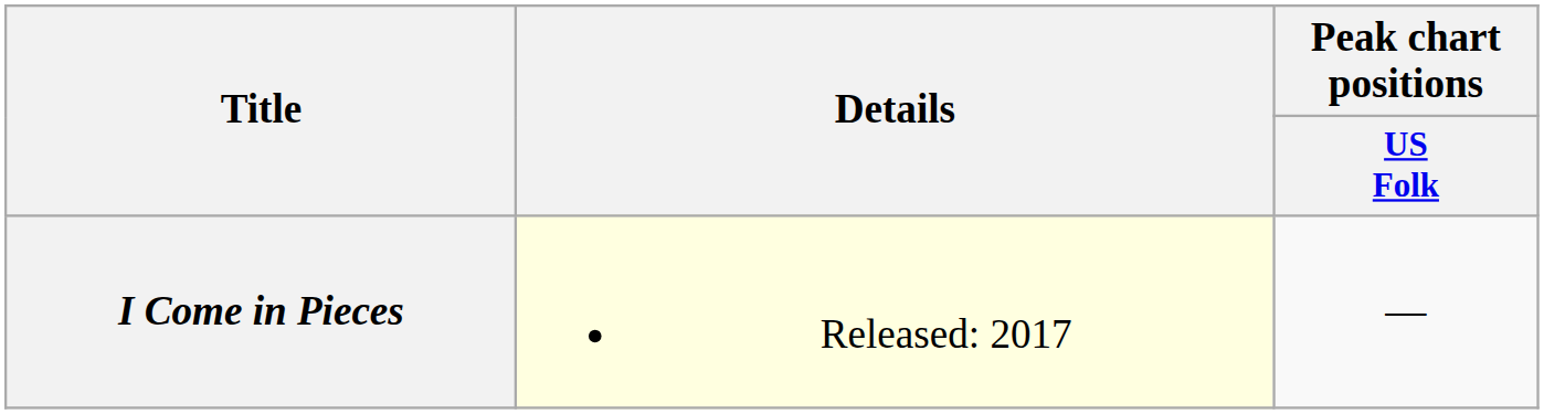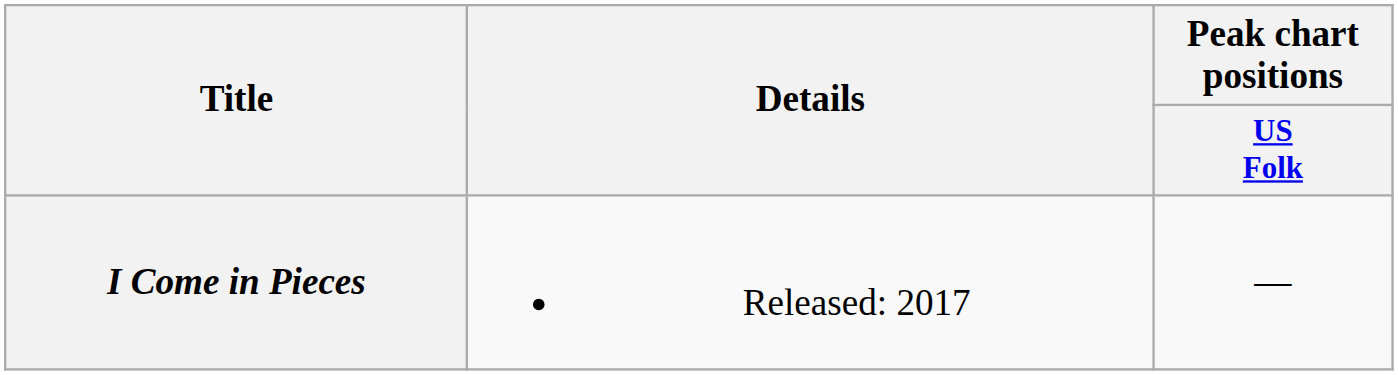 <table class="wikitable plainrowheaders" style="text-align:center;">
 <tr>
 <th style="width:12em;" rowspan="2">Title</th>
 <th style="width:18em;" rowspan="2">Details</th>
 <th style="width:6em;">Peak chart positions</th>
 </tr>
 <tr style="font-size:smaller;">
 <th><a href='#'>US<br>Folk</a><br></th>
 </tr>
 <tr>
 <th scope="row"><em>I Come in Pieces</em></th>
-<td style="background: lightyellow;"><br><ul><li>Released: 2017</li></ul></td>
+<td><br><ul><li>Released: 2017</li></ul></td>
 <td>—</td>
 </tr>
 </table>
